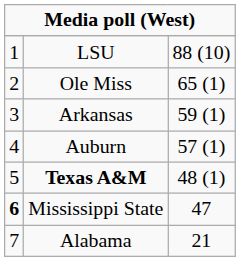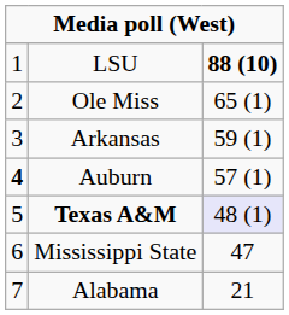 <table class="wikitable">
 <tr align="center">
 <td align="center" Colspan="3"><strong>Media poll (West)</strong></td>
 </tr>
 <tr align="center">
 </tr>
 <tr align="center">
 <td>1</td>
 <td>LSU</td>
-<td>88 (10)</td>
+<td><strong>88 (10)</strong></td>
 </tr>
 <tr align="center">
 <td>2</td>
 <td>Ole Miss</td>
 <td>65 (1)</td>
 </tr>
 <tr align="center">
 <td>3</td>
 <td>Arkansas</td>
 <td>59 (1)</td>
 </tr>
 <tr align="center">
-<td>4</td>
+<td><strong>4</strong></td>
 <td>Auburn</td>
 <td>57 (1)</td>
 </tr>
 <tr align="center">
 <td>5</td>
 <td><strong>Texas A&M</strong></td>
-<td>48 (1)</td>
+<td style="background: lavender;">48 (1)</td>
 </tr>
 <tr align="center">
-<td><strong>6</strong></td>
+<td>6</td>
 <td>Mississippi State</td>
 <td>47</td>
 </tr>
 <tr align="center">
 <td>7</td>
 <td>Alabama</td>
 <td>21</td>
 </tr>
 </table>
